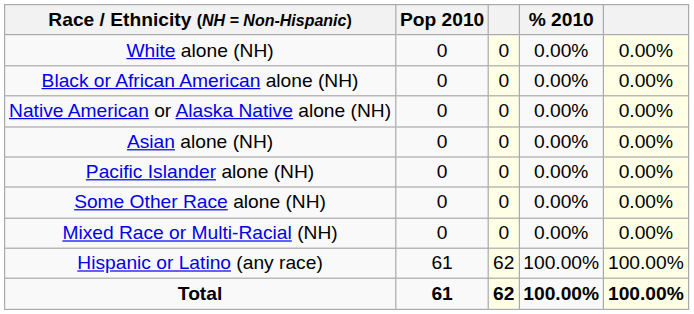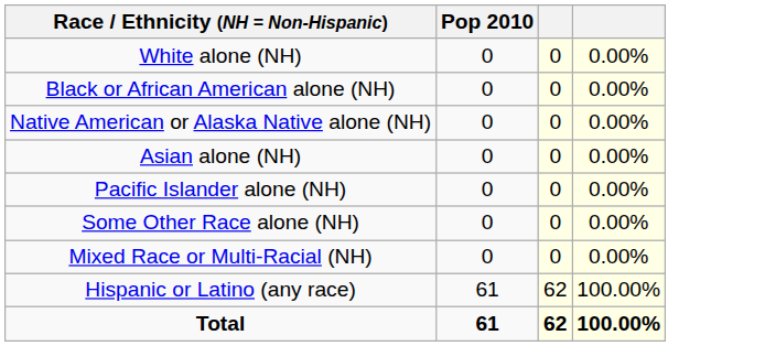 <table class="wikitable" style="text-align:center;">
 <tr>
 <th>Race / Ethnicity <small>(<em>NH = Non-Hispanic</em>)</small></th>
 <th>Pop 2010</th>
 <th></th>
-<th>% 2010</th>
 <th></th>
 </tr>
 <tr>
 <td><a href='#'>White</a> alone (NH)</td>
 <td>0</td>
 <td style='background: #ffffe6;'>0</td>
-<td>0.00%</td>
 <td style='background: #ffffe6;'>0.00%</td>
 </tr>
 <tr>
 <td><a href='#'>Black or African American</a> alone (NH)</td>
 <td>0</td>
 <td style='background: #ffffe6;'>0</td>
-<td>0.00%</td>
 <td style='background: #ffffe6;'>0.00%</td>
 </tr>
 <tr>
 <td><a href='#'>Native American</a> or <a href='#'>Alaska Native</a> alone (NH)</td>
 <td>0</td>
 <td style='background: #ffffe6;'>0</td>
-<td>0.00%</td>
 <td style='background: #ffffe6;'>0.00%</td>
 </tr>
 <tr>
 <td><a href='#'>Asian</a> alone (NH)</td>
 <td>0</td>
 <td style='background: #ffffe6;'>0</td>
-<td>0.00%</td>
 <td style='background: #ffffe6;'>0.00%</td>
 </tr>
 <tr>
 <td><a href='#'>Pacific Islander</a> alone (NH)</td>
 <td>0</td>
 <td style='background: #ffffe6;'>0</td>
-<td>0.00%</td>
 <td style='background: #ffffe6;'>0.00%</td>
 </tr>
 <tr>
 <td><a href='#'>Some Other Race</a> alone (NH)</td>
 <td>0</td>
 <td style='background: #ffffe6;'>0</td>
-<td>0.00%</td>
 <td style='background: #ffffe6;'>0.00%</td>
 </tr>
 <tr>
 <td><a href='#'>Mixed Race or Multi-Racial</a> (NH)</td>
 <td>0</td>
 <td style='background: #ffffe6;'>0</td>
-<td>0.00%</td>
 <td style='background: #ffffe6;'>0.00%</td>
 </tr>
 <tr>
 <td><a href='#'>Hispanic or Latino</a> (any race)</td>
 <td>61</td>
 <td style='background: #ffffe6;'>62</td>
-<td>100.00%</td>
 <td style='background: #ffffe6;'>100.00%</td>
 </tr>
 <tr>
 <td><strong>Total</strong></td>
 <td><strong>61</strong></td>
 <td style='background: #ffffe6;'><strong>62</strong></td>
-<td><strong>100.00%</strong></td>
 <td style='background: #ffffe6;'><strong>100.00%</strong></td>
 </tr>
 </table>
